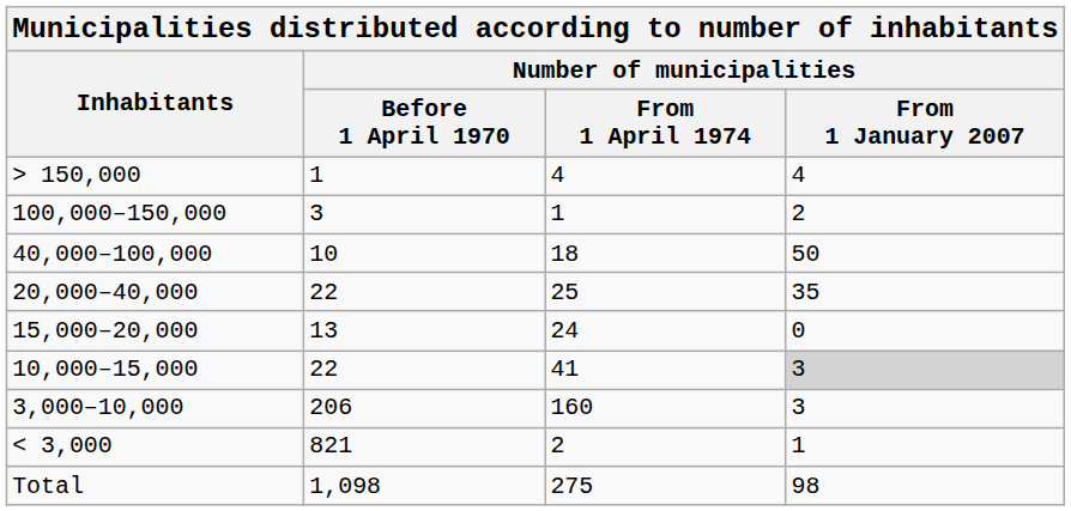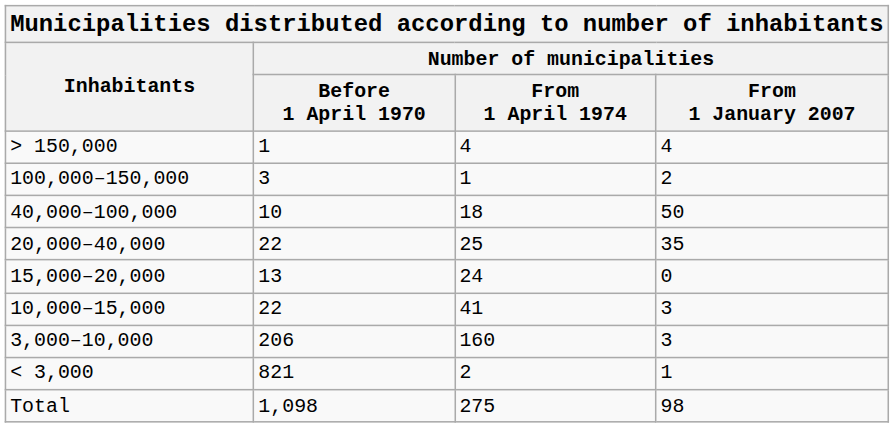 <table class="wikitable" style="float: right;" border="1">
 <tr>
 <th colspan="4"><big>Municipalities distributed according to number of inhabitants</big></th>
 </tr>
 <tr align="center">
 <th rowspan="2">Inhabitants</th>
 <th colspan="3">Number of municipalities</th>
 </tr>
 <tr align="center">
 <th>Before<br>1 April 1970</th>
 <th>From<br>1 April 1974</th>
 <th>From<br>1 January 2007</th>
 </tr>
 <tr>
 <td>> 150,000</td>
 <td>1</td>
 <td>4</td>
 <td>4</td>
 </tr>
 <tr>
 <td>100,000–150,000</td>
 <td>3</td>
 <td>1</td>
 <td>2</td>
 </tr>
 <tr>
 <td>40,000–100,000</td>
 <td>10</td>
 <td>18</td>
 <td>50</td>
 </tr>
 <tr>
 <td>20,000–40,000</td>
 <td>22</td>
 <td>25</td>
 <td>35</td>
 </tr>
 <tr>
 <td>15,000–20,000</td>
 <td>13</td>
 <td>24</td>
 <td>0</td>
 </tr>
 <tr>
 <td>10,000–15,000</td>
 <td>22</td>
 <td>41</td>
-<td style="background: lightgrey;">3</td>
+<td>3</td>
 </tr>
 <tr>
 <td>3,000–10,000</td>
 <td>206</td>
 <td>160</td>
 <td>3</td>
 </tr>
 <tr>
 <td>< 3,000</td>
 <td>821</td>
 <td>2</td>
 <td>1</td>
 </tr>
 <tr>
 <td>Total</td>
 <td>1,098</td>
 <td>275</td>
 <td>98</td>
 </tr>
 </table>
